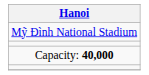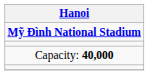 <table class="wikitable" style="text-align:center;margin:1em auto;">
 <tr>
 <th><a href='#'>Hanoi</a></th>
 </tr>
 <tr>
-<td><a href='#'>Mỹ Đình National Stadium</a></td>
+<td><strong><a href='#'>Mỹ Đình National Stadium</a></strong></td>
 </tr>
 <tr>
 <td></td>
 </tr>
 <tr>
 <td>Capacity: <strong>40,000</strong></td>
 </tr>
 <tr>
 <td></td>
 </tr>
 <tr>
 </tr>
 </table>
